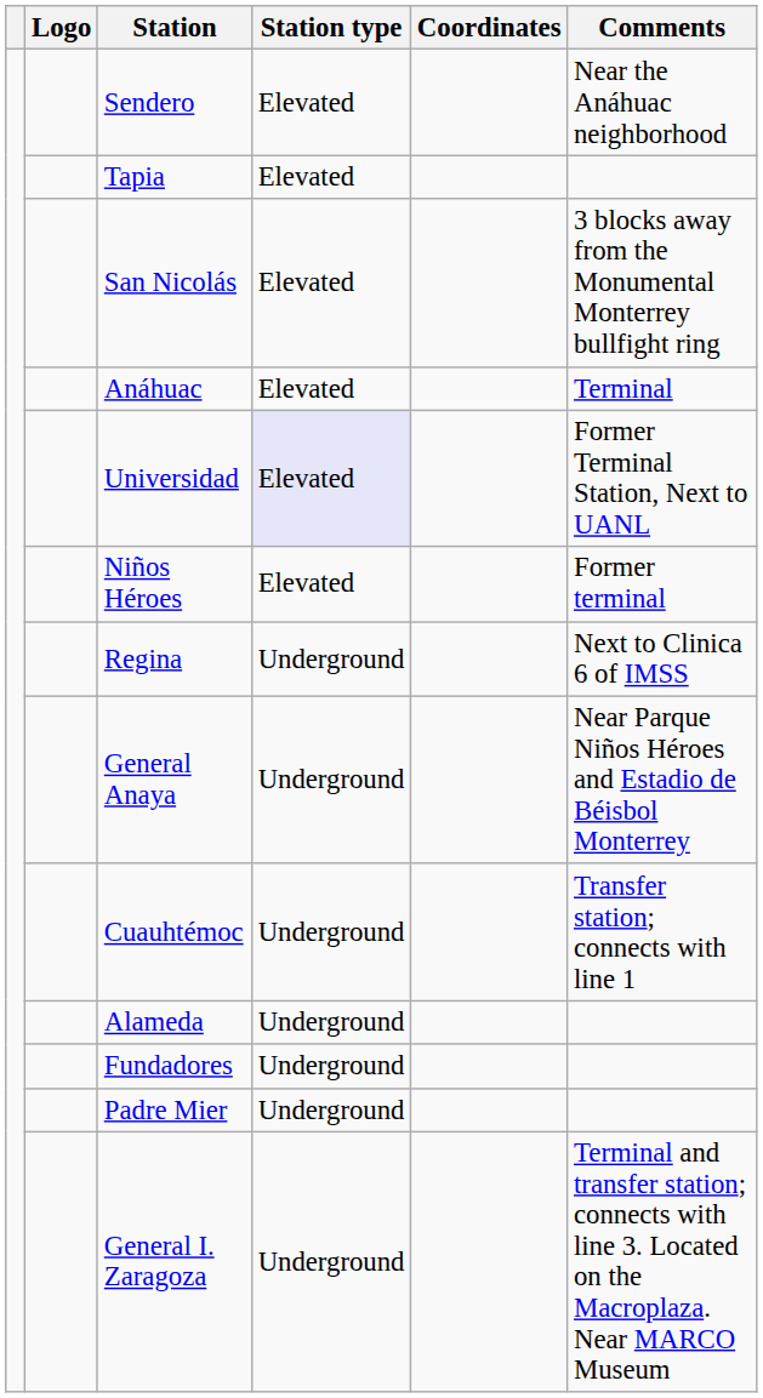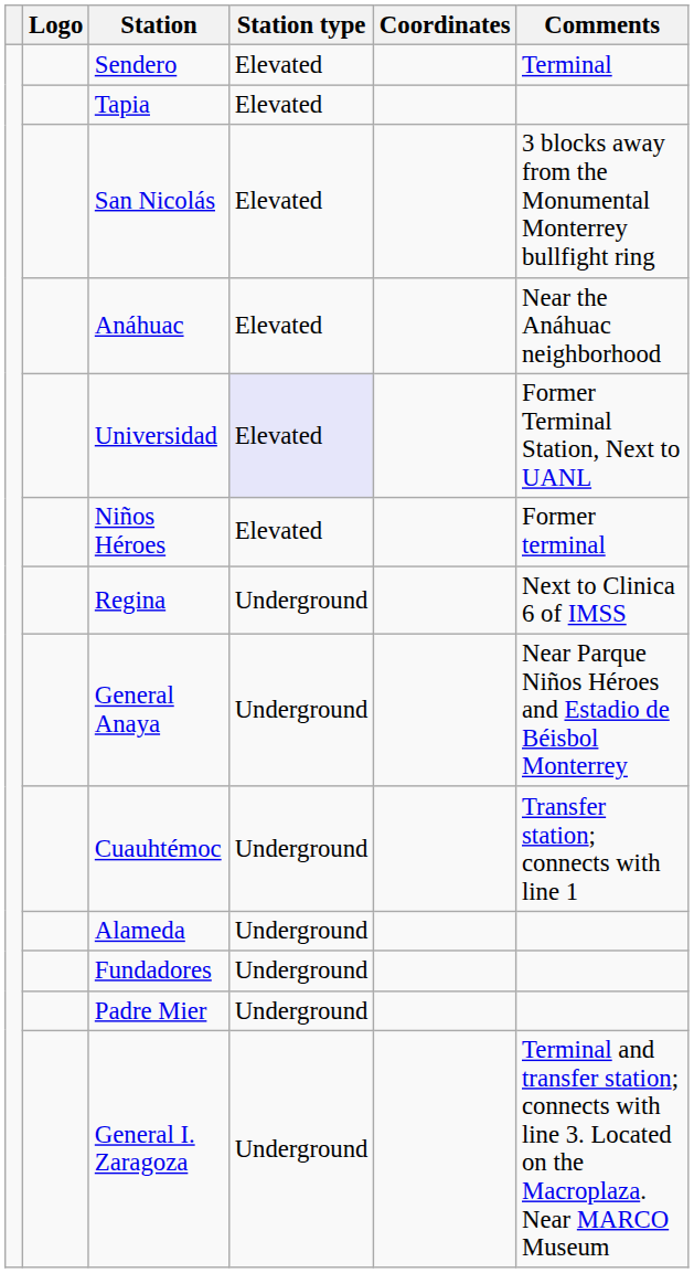 <table style="width:70%;" class="wikitable">
 <tr>
 <th></th>
 <th>Logo</th>
 <th>Station</th>
 <th>Station type</th>
 <th>Coordinates</th>
 <th>Comments</th>
 </tr>
 <tr>
 <td rowspan="13" style="width:2%; background:#"> </td>
 <td style="width:2%;"></td>
 <td><a href='#'>Sendero</a></td>
 <td>Elevated</td>
 <td></td>
-<td>Near the Anáhuac neighborhood</td>
+<td><a href='#'>Terminal</a></td>
 </tr>
 <tr>
 <td></td>
 <td><a href='#'>Tapia</a></td>
 <td>Elevated</td>
 <td></td>
 <td></td>
 </tr>
 <tr>
 <td></td>
 <td><a href='#'>San Nicolás</a></td>
 <td>Elevated</td>
 <td></td>
 <td>3 blocks away from the Monumental Monterrey bullfight ring</td>
 </tr>
 <tr>
 <td></td>
 <td><a href='#'>Anáhuac</a></td>
 <td>Elevated</td>
 <td></td>
-<td><a href='#'>Terminal</a></td>
+<td>Near the Anáhuac neighborhood</td>
 </tr>
 <tr>
 <td></td>
 <td><a href='#'>Universidad</a></td>
 <td style="background: lavender;">Elevated</td>
 <td></td>
 <td>Former Terminal Station, Next to <a href='#'>UANL</a></td>
 </tr>
 <tr>
 <td></td>
 <td><a href='#'>Niños Héroes</a></td>
 <td>Elevated</td>
 <td></td>
 <td>Former <a href='#'>terminal</a></td>
 </tr>
 <tr>
 <td></td>
 <td><a href='#'>Regina</a></td>
 <td>Underground</td>
 <td></td>
 <td>Next to Clinica 6 of <a href='#'>IMSS</a></td>
 </tr>
 <tr>
 <td></td>
 <td><a href='#'>General Anaya</a></td>
 <td>Underground</td>
 <td></td>
 <td>Near Parque Niños Héroes and <a href='#'>Estadio de Béisbol Monterrey</a></td>
 </tr>
 <tr>
 <td></td>
 <td><a href='#'>Cuauhtémoc</a></td>
 <td>Underground</td>
 <td></td>
 <td><a href='#'>Transfer station</a>; connects with line 1</td>
 </tr>
 <tr>
 <td></td>
 <td><a href='#'>Alameda</a></td>
 <td>Underground</td>
 <td></td>
 <td></td>
 </tr>
 <tr>
 <td></td>
 <td><a href='#'>Fundadores</a></td>
 <td>Underground</td>
 <td></td>
 <td></td>
 </tr>
 <tr>
 <td></td>
 <td><a href='#'>Padre Mier</a></td>
 <td>Underground</td>
 <td></td>
 <td></td>
 </tr>
 <tr>
 <td></td>
 <td><a href='#'>General I. Zaragoza</a></td>
 <td>Underground</td>
 <td></td>
 <td><a href='#'>Terminal</a> and <a href='#'>transfer station</a>; connects with line 3. Located on the <a href='#'>Macroplaza</a>. Near <a href='#'>MARCO</a> Museum</td>
 </tr>
 </table>
